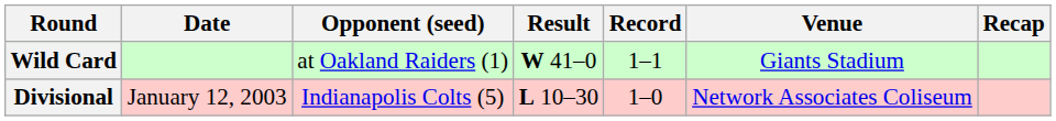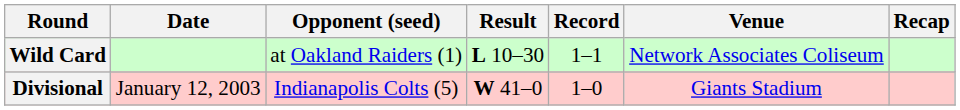 <table class="wikitable"style="text-align:center">
 <tr>
 <th>Round</th>
 <th>Date</th>
 <th>Opponent (seed)</th>
 <th>Result</th>
 <th>Record</th>
 <th>Venue</th>
 <th>Recap</th>
 </tr>
 <tr style="background:#cfc">
 <th>Wild Card</th>
 <td></td>
 <td>at <a href='#'>Oakland Raiders</a> (1)</td>
-<td><strong>W</strong> 41–0</td>
+<td><strong>L</strong> 10–30</td>
 <td>1–1</td>
-<td><a href='#'>Giants Stadium</a></td>
+<td><a href='#'>Network Associates Coliseum</a></td>
 <td></td>
 </tr>
 <tr style="background:#fcc">
 <th>Divisional</th>
 <td>January 12, 2003</td>
 <td><a href='#'>Indianapolis Colts</a> (5)</td>
-<td><strong>L</strong> 10–30</td>
+<td><strong>W</strong> 41–0</td>
 <td>1–0</td>
-<td><a href='#'>Network Associates Coliseum</a></td>
+<td><a href='#'>Giants Stadium</a></td>
 <td></td>
 </tr>
 </table>
